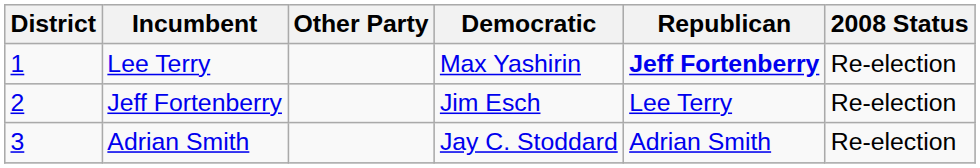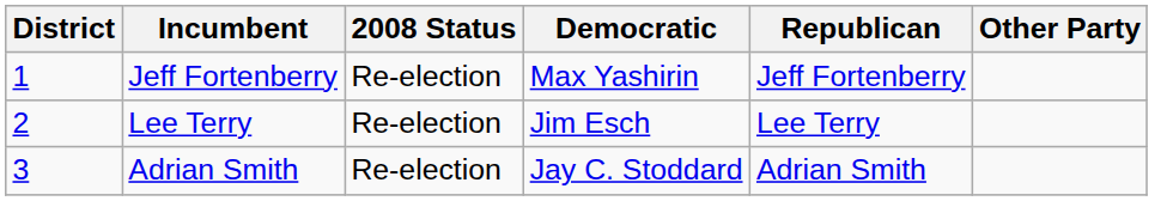 <table class="wikitable">
 <tr>
 <th>District</th>
 <th>Incumbent</th>
-<th>Other Party</th>
+<th>2008 Status</th>
 <th>Democratic</th>
 <th>Republican</th>
-<th>2008 Status</th>
+<th>Other Party</th>
 </tr>
 <tr>
 <td><a href='#'>1</a></td>
-<td><a href='#'>Lee Terry</a></td>
+<td><a href='#'>Jeff Fortenberry</a></td>
+<td>Re-election</td>
+<td><a href='#'>Max Yashirin</a></td>
+<td><a href='#'>Jeff Fortenberry</a></td>
 <td></td>
-<td><a href='#'>Max Yashirin</a></td>
-<td><strong><a href='#'>Jeff Fortenberry</a></strong></td>
-<td>Re-election</td>
 </tr>
 <tr>
 <td><a href='#'>2</a></td>
-<td><a href='#'>Jeff Fortenberry</a></td>
-<td></td>
+<td><a href='#'>Lee Terry</a></td>
+<td>Re-election</td>
 <td><a href='#'>Jim Esch</a></td>
 <td><a href='#'>Lee Terry</a></td>
-<td>Re-election</td>
+<td></td>
 </tr>
 <tr>
 <td><a href='#'>3</a></td>
 <td><a href='#'>Adrian Smith</a></td>
-<td></td>
+<td>Re-election</td>
 <td><a href='#'>Jay C. Stoddard</a></td>
 <td><a href='#'>Adrian Smith</a></td>
-<td>Re-election</td>
+<td></td>
 </tr>
 </table>
